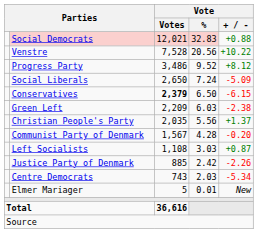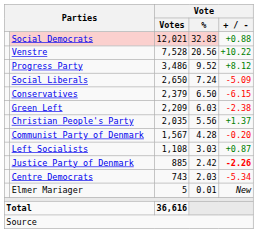 <table class="wikitable" style="text-align:right;">
 <tr>
 <th style="text-align:centre;" rowspan="2" colspan="2" width="225">Parties</th>
 <th colspan="3">Vote</th>
 </tr>
 <tr>
 <th width="15">Votes</th>
 <th width="15">%</th>
 <th width="15">+ / -</th>
 </tr>
 <tr>
 <td width="2" style="color:inherit;background:"></td>
 <td bgcolor=#fbd0ce  align="left"><a href='#'>Social Democrats</a></td>
 <td bgcolor=#fbd0ce>12,021</td>
 <td bgcolor=#fbd0ce>32.83</td>
 <td style=color:green;>+0.88</td>
 </tr>
 <tr>
 <td width="2" style="color:inherit;background:"></td>
 <td align="left"><a href='#'>Venstre</a></td>
 <td>7,528</td>
 <td>20.56</td>
 <td style=color:green;>+10.22</td>
 </tr>
 <tr>
 <td width="2" style="color:inherit;background:"></td>
 <td align="left"><a href='#'>Progress Party</a></td>
 <td>3,486</td>
 <td>9.52</td>
 <td style=color:green;>+8.12</td>
 </tr>
 <tr>
 <td width="2" style="color:inherit;background:"></td>
 <td align="left"><a href='#'>Social Liberals</a></td>
 <td>2,650</td>
 <td>7.24</td>
 <td style=color:red;>-5.09</td>
 </tr>
 <tr>
 <td width="2" style="color:inherit;background:"></td>
 <td align="left"><a href='#'>Conservatives</a></td>
-<td><strong>2,379</strong></td>
+<td>2,379</td>
 <td>6.50</td>
 <td style=color:red;>-6.15</td>
 </tr>
 <tr>
 <td width="2" style="color:inherit;background:"></td>
 <td align="left"><a href='#'>Green Left</a></td>
 <td>2,209</td>
 <td>6.03</td>
 <td style=color:red;>-2.38</td>
 </tr>
 <tr>
 <td width="2" style="color:inherit;background:"></td>
 <td align="left"><a href='#'>Christian People's Party</a></td>
 <td>2,035</td>
 <td>5.56</td>
 <td style=color:green;>+1.37</td>
 </tr>
 <tr>
 <td width="2" style="color:inherit;background:"></td>
 <td align="left"><a href='#'>Communist Party of Denmark</a></td>
 <td>1,567</td>
 <td>4.28</td>
 <td style=color:red;>-0.20</td>
 </tr>
 <tr>
 <td width="2" style="color:inherit;background:"></td>
 <td align="left"><a href='#'>Left Socialists</a></td>
 <td>1,108</td>
 <td>3.03</td>
 <td style=color:green;>+0.87</td>
 </tr>
 <tr>
 <td width="2" style="color:inherit;background:"></td>
 <td align="left"><a href='#'>Justice Party of Denmark</a></td>
 <td>885</td>
 <td>2.42</td>
-<td style=color:red;>-2.26</td>
+<td style=color:red;><strong>-2.26</strong></td>
 </tr>
 <tr>
 <td width="2" style="color:inherit;background:"></td>
 <td align="left"><a href='#'>Centre Democrats</a></td>
 <td>743</td>
 <td>2.03</td>
 <td style=color:red;>-5.34</td>
 </tr>
 <tr>
 <td width="2" style="color:inherit;background:"></td>
 <td align="left">Elmer Mariager</td>
 <td>5</td>
 <td>0.01</td>
 <td><em>New</em></td>
 </tr>
 <tr>
 <td colspan="7" bgcolor="#E9E9E9"></td>
 </tr>
 <tr>
 <td align="left" colspan="2"><strong>Total</strong></td>
 <td><strong>36,616</strong></td>
 <td bgcolor="#E9E9E9" colspan="2"></td>
 </tr>
 <tr>
 <td align="left" colspan="6">Source</td>
 </tr>
 </table>
